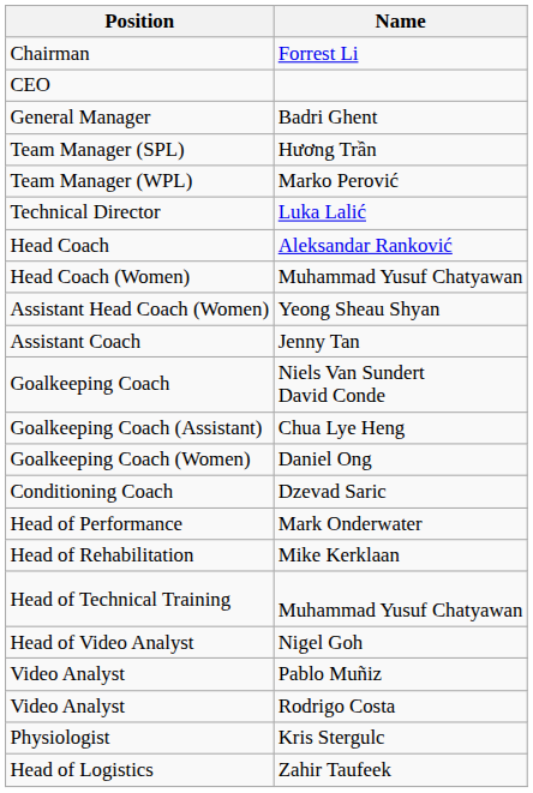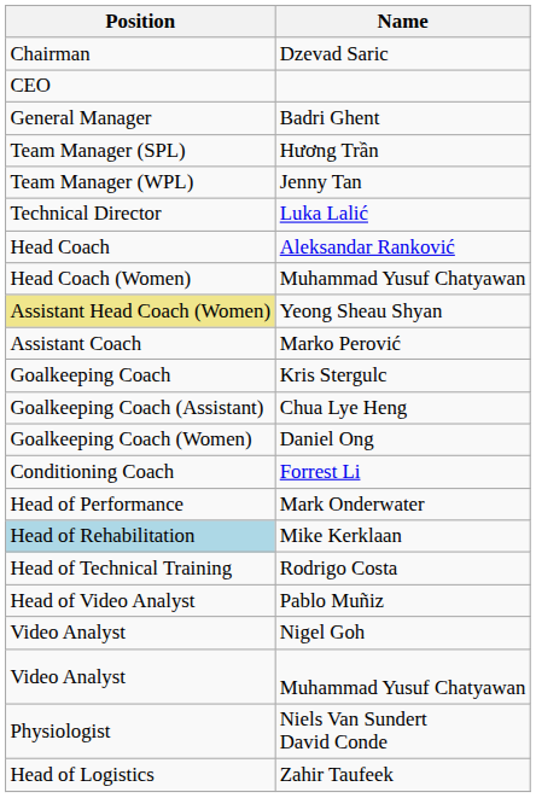 <table class="wikitable">
 <tr>
 <th>Position</th>
 <th>Name</th>
 </tr>
 <tr>
 <td>Chairman</td>
-<td> <a href='#'>Forrest Li</a></td>
+<td> Dzevad Saric</td>
 </tr>
 <tr>
 <td>CEO</td>
 <td></td>
 </tr>
 <tr>
 <td>General Manager</td>
 <td> Badri Ghent</td>
 </tr>
 <tr>
 <td>Team Manager (SPL)</td>
 <td> Hương Trần</td>
 </tr>
 <tr>
 <td>Team Manager (WPL)</td>
-<td> Marko Perović</td>
+<td> Jenny Tan</td>
 </tr>
 <tr>
 <td>Technical Director</td>
 <td> <a href='#'>Luka Lalić</a></td>
 </tr>
 <tr>
 <td>Head Coach</td>
 <td> <a href='#'>Aleksandar Ranković</a></td>
 </tr>
 <tr>
 <td>Head Coach (Women)</td>
 <td> Muhammad Yusuf Chatyawan</td>
 </tr>
 <tr>
-<td>Assistant Head Coach (Women)</td>
+<td style="background: khaki;">Assistant Head Coach (Women)</td>
 <td> Yeong Sheau Shyan</td>
 </tr>
 <tr>
 <td>Assistant Coach</td>
-<td> Jenny Tan</td>
+<td> Marko Perović</td>
 </tr>
 <tr>
 <td>Goalkeeping Coach</td>
-<td>  Niels Van Sundert <br>  David Conde</td>
+<td> Kris Stergulc</td>
 </tr>
 <tr>
 <td>Goalkeeping Coach (Assistant)</td>
 <td> Chua Lye Heng</td>
 </tr>
 <tr>
 <td>Goalkeeping Coach (Women)</td>
 <td> Daniel Ong</td>
 </tr>
 <tr>
 <td>Conditioning Coach</td>
-<td> Dzevad Saric</td>
+<td> <a href='#'>Forrest Li</a></td>
 </tr>
 <tr>
 <td>Head of Performance</td>
 <td> Mark Onderwater</td>
 </tr>
 <tr>
-<td>Head of Rehabilitation</td>
+<td style="background: lightblue;">Head of Rehabilitation</td>
 <td> Mike Kerklaan</td>
 </tr>
 <tr>
 <td>Head of Technical Training</td>
-<td><br>Muhammad Yusuf Chatyawan</td>
+<td> Rodrigo Costa <br></td>
 </tr>
 <tr>
 <td>Head of Video Analyst</td>
+<td> Pablo Muñiz</td>
+</tr>
+<tr>
+<td>Video Analyst</td>
 <td> Nigel Goh</td>
 </tr>
 <tr>
 <td>Video Analyst</td>
-<td> Pablo Muñiz</td>
-</tr>
-<tr>
-<td>Video Analyst</td>
-<td> Rodrigo Costa <br></td>
+<td><br>Muhammad Yusuf Chatyawan</td>
 </tr>
 <tr>
 <td>Physiologist</td>
-<td> Kris Stergulc</td>
+<td>  Niels Van Sundert <br>  David Conde</td>
 </tr>
 <tr>
 <td>Head of Logistics</td>
 <td> Zahir Taufeek</td>
 </tr>
 <tr>
 </tr>
 </table>
